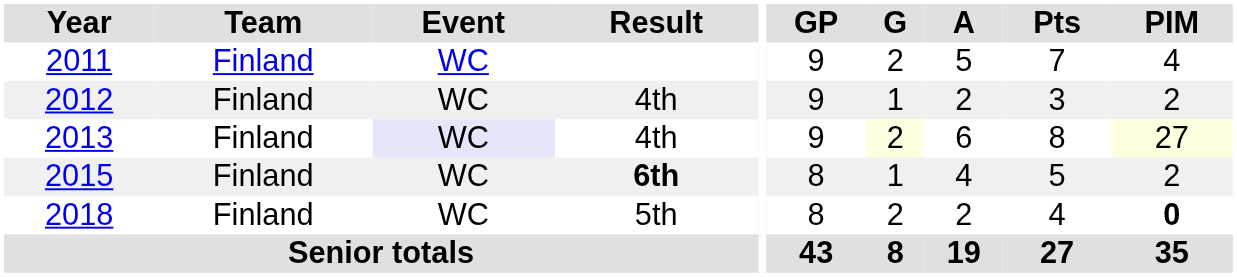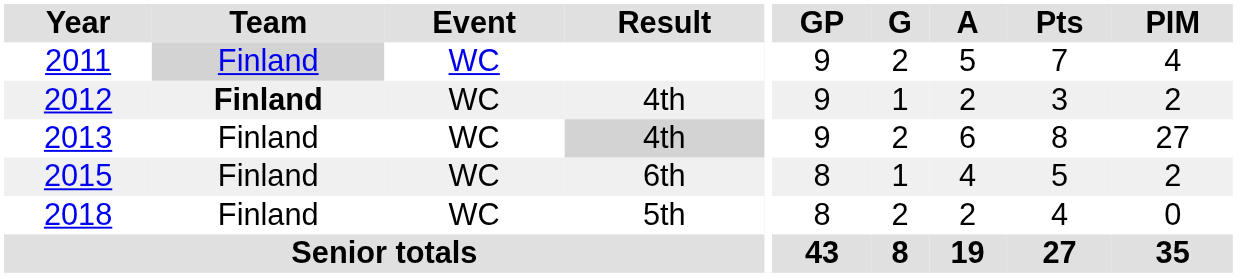 <table border="0" cellpadding="1" cellspacing="0" ID="Table3" style="text-align:center; width:40em">
 <tr ALIGN="center" bgcolor="#e0e0e0">
 <th>Year</th>
 <th>Team</th>
 <th>Event</th>
 <th>Result</th>
 <th rowspan="99" bgcolor="#ffffff"></th>
 <th>GP</th>
 <th>G</th>
 <th>A</th>
 <th>Pts</th>
 <th>PIM</th>
 </tr>
 <tr>
 <td><a href='#'>2011</a></td>
-<td><a href='#'>Finland</a></td>
+<td style="background: lightgrey;"><a href='#'>Finland</a></td>
 <td><a href='#'>WC</a></td>
 <td></td>
 <td>9</td>
 <td>2</td>
 <td>5</td>
 <td>7</td>
 <td>4</td>
 </tr>
 <tr bgcolor="#f0f0f0">
 <td><a href='#'>2012</a></td>
-<td>Finland</td>
+<td><strong>Finland</strong></td>
 <td>WC</td>
 <td>4th</td>
 <td>9</td>
 <td>1</td>
 <td>2</td>
 <td>3</td>
 <td>2</td>
 </tr>
 <tr>
 <td><a href='#'>2013</a></td>
 <td>Finland</td>
-<td style="background: lavender;">WC</td>
-<td>4th</td>
+<td>WC</td>
+<td style="background: lightgrey;">4th</td>
 <td>9</td>
-<td style="background: lightyellow;">2</td>
+<td>2</td>
 <td>6</td>
 <td>8</td>
-<td style="background: lightyellow;">27</td>
+<td>27</td>
 </tr>
 <tr bgcolor="#f0f0f0">
 <td><a href='#'>2015</a></td>
 <td>Finland</td>
 <td>WC</td>
-<td><strong>6th</strong></td>
+<td>6th</td>
 <td>8</td>
 <td>1</td>
 <td>4</td>
 <td>5</td>
 <td>2</td>
 </tr>
 <tr>
 <td><a href='#'>2018</a></td>
 <td>Finland</td>
 <td>WC</td>
 <td>5th</td>
 <td>8</td>
 <td>2</td>
 <td>2</td>
 <td>4</td>
-<td><strong>0</strong></td>
+<td>0</td>
 </tr>
 <tr bgcolor="#e0e0e0">
 <th colspan="4">Senior totals</th>
 <th>43</th>
 <th>8</th>
 <th>19</th>
 <th>27</th>
 <th>35</th>
 </tr>
 </table>
